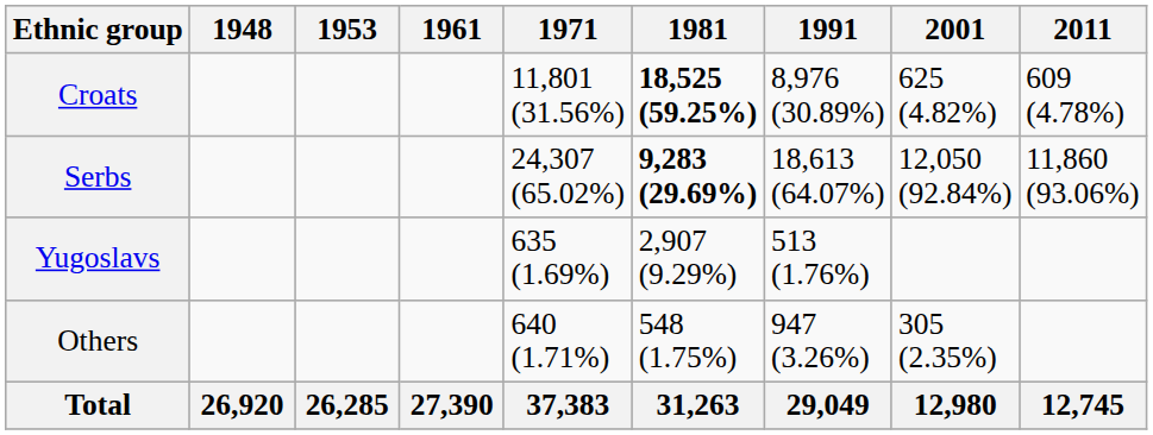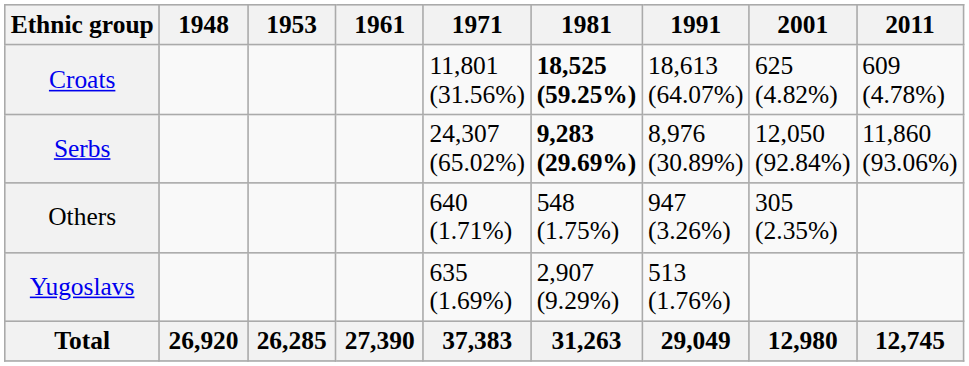 <table class="wikitable" border="1">
 <tr>
 <th>Ethnic group</th>
 <th style=width:3em>1948</th>
 <th style=width:3em>1953</th>
 <th style=width:3em>1961</th>
 <th style=width:3em>1971</th>
 <th style=width:3em>1981</th>
 <th style=width:3em>1991</th>
 <th style=width:3em>2001</th>
 <th style=width:3em>2011</th>
 </tr>
 <tr>
 <th style=font-weight:300><a href='#'>Croats</a></th>
 <td></td>
 <td></td>
 <td></td>
 <td>11,801 (31.56%)</td>
 <td><strong>18,525 (59.25%)</strong></td>
-<td>8,976 (30.89%)</td>
+<td>18,613 (64.07%)</td>
 <td>625 (4.82%)</td>
 <td>609 (4.78%)</td>
 </tr>
 <tr>
 <th style=font-weight:300><a href='#'>Serbs</a></th>
 <td></td>
 <td></td>
 <td></td>
 <td>24,307 (65.02%)</td>
 <td><strong>9,283 (29.69%)</strong></td>
-<td>18,613 (64.07%)</td>
+<td>8,976 (30.89%)</td>
 <td>12,050 (92.84%)</td>
 <td>11,860 (93.06%)</td>
+</tr>
+<tr>
+<th style=font-weight:300>Others</th>
+<td></td>
+<td></td>
+<td></td>
+<td>640 (1.71%)</td>
+<td>548 (1.75%)</td>
+<td>947 (3.26%)</td>
+<td>305 (2.35%)</td>
+<td></td>
 </tr>
 <tr>
 <th style=font-weight:300><a href='#'>Yugoslavs</a></th>
 <td></td>
 <td></td>
 <td></td>
 <td>635 (1.69%)</td>
 <td>2,907 (9.29%)</td>
 <td>513 (1.76%)</td>
 <td></td>
-<td></td>
-</tr>
-<tr>
-<th style=font-weight:300>Others</th>
-<td></td>
-<td></td>
-<td></td>
-<td>640 (1.71%)</td>
-<td>548 (1.75%)</td>
-<td>947 (3.26%)</td>
-<td>305 (2.35%)</td>
 <td></td>
 </tr>
 <tr>
 <th>Total</th>
 <th>26,920 </th>
 <th>26,285 </th>
 <th>27,390 </th>
 <th>37,383</th>
 <th>31,263</th>
 <th>29,049</th>
 <th>12,980</th>
 <th>12,745</th>
 </tr>
 </table>
